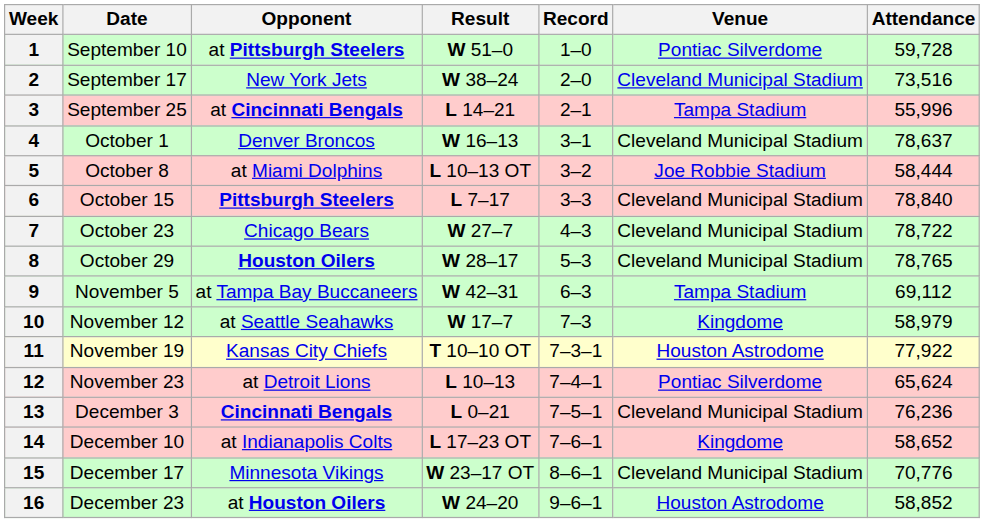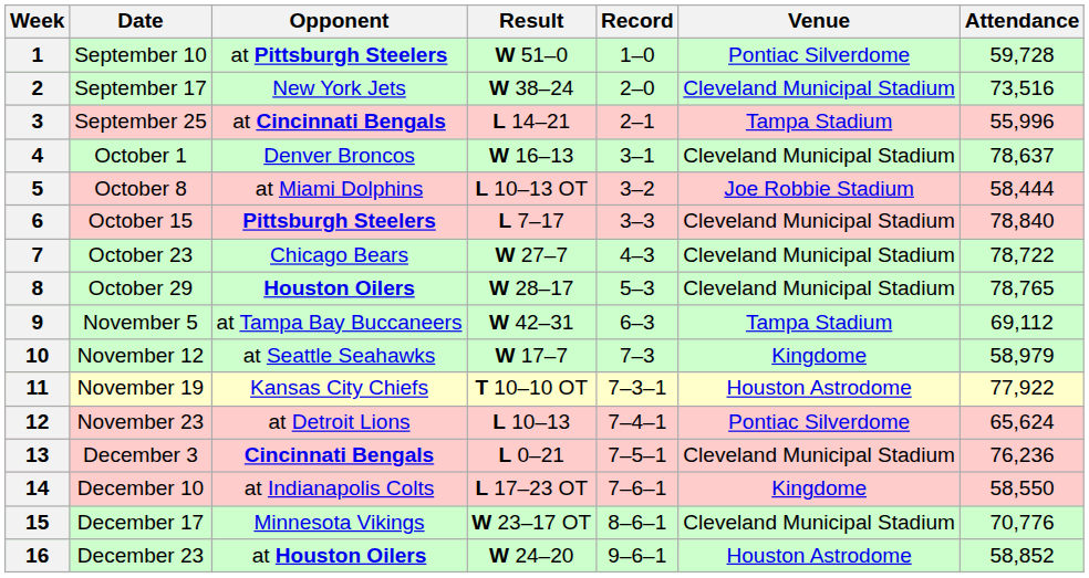 <table class="wikitable" style="text-align:center">
 <tr>
 <th>Week</th>
 <th>Date</th>
 <th>Opponent</th>
 <th>Result</th>
 <th>Record</th>
 <th>Venue</th>
 <th>Attendance</th>
 </tr>
 <tr style="background:#cfc">
 <th>1</th>
 <td>September 10</td>
 <td>at <strong><a href='#'>Pittsburgh Steelers</a></strong></td>
 <td><strong>W</strong> 51–0</td>
 <td>1–0</td>
 <td><a href='#'>Pontiac Silverdome</a></td>
 <td>59,728</td>
 </tr>
 <tr style="background:#cfc">
 <th>2</th>
 <td>September 17</td>
 <td><a href='#'>New York Jets</a></td>
 <td><strong>W</strong> 38–24</td>
 <td>2–0</td>
 <td><a href='#'>Cleveland Municipal Stadium</a></td>
 <td>73,516</td>
 </tr>
 <tr style="background:#fcc">
 <th>3</th>
 <td>September 25</td>
 <td>at <strong><a href='#'>Cincinnati Bengals</a></strong></td>
 <td><strong>L</strong> 14–21</td>
 <td>2–1</td>
 <td><a href='#'>Tampa Stadium</a></td>
 <td>55,996</td>
 </tr>
 <tr style="background:#cfc">
 <th>4</th>
 <td>October 1</td>
 <td><a href='#'>Denver Broncos</a></td>
 <td><strong>W</strong> 16–13</td>
 <td>3–1</td>
 <td>Cleveland Municipal Stadium</td>
 <td>78,637</td>
 </tr>
 <tr style="background:#fcc">
 <th>5</th>
 <td>October 8</td>
 <td>at <a href='#'>Miami Dolphins</a></td>
 <td><strong>L</strong> 10–13 OT</td>
 <td>3–2</td>
 <td><a href='#'>Joe Robbie Stadium</a></td>
 <td>58,444</td>
 </tr>
 <tr style="background:#fcc">
 <th>6</th>
 <td>October 15</td>
 <td><strong><a href='#'>Pittsburgh Steelers</a></strong></td>
 <td><strong>L</strong> 7–17</td>
 <td>3–3</td>
 <td>Cleveland Municipal Stadium</td>
 <td>78,840</td>
 </tr>
 <tr style="background:#cfc">
 <th>7</th>
 <td>October 23</td>
 <td><a href='#'>Chicago Bears</a></td>
 <td><strong>W</strong> 27–7</td>
 <td>4–3</td>
 <td>Cleveland Municipal Stadium</td>
 <td>78,722</td>
 </tr>
 <tr style="background:#cfc">
 <th>8</th>
 <td>October 29</td>
 <td><strong><a href='#'>Houston Oilers</a></strong></td>
 <td><strong>W</strong> 28–17</td>
 <td>5–3</td>
 <td>Cleveland Municipal Stadium</td>
 <td>78,765</td>
 </tr>
 <tr style="background:#cfc">
 <th>9</th>
 <td>November 5</td>
 <td>at <a href='#'>Tampa Bay Buccaneers</a></td>
 <td><strong>W</strong> 42–31</td>
 <td>6–3</td>
 <td><a href='#'>Tampa Stadium</a></td>
 <td>69,112</td>
 </tr>
 <tr style="background:#cfc">
 <th>10</th>
 <td>November 12</td>
 <td>at <a href='#'>Seattle Seahawks</a></td>
 <td><strong>W</strong> 17–7</td>
 <td>7–3</td>
 <td><a href='#'>Kingdome</a></td>
 <td>58,979</td>
 </tr>
 <tr style="background:#ffc">
 <th>11</th>
 <td>November 19</td>
 <td><a href='#'>Kansas City Chiefs</a></td>
 <td><strong>T</strong> 10–10 OT</td>
 <td>7–3–1</td>
 <td><a href='#'>Houston Astrodome</a></td>
 <td>77,922</td>
 </tr>
 <tr style="background:#fcc">
 <th>12</th>
 <td>November 23</td>
 <td>at <a href='#'>Detroit Lions</a></td>
 <td><strong>L</strong> 10–13</td>
 <td>7–4–1</td>
 <td><a href='#'>Pontiac Silverdome</a></td>
 <td>65,624</td>
 </tr>
 <tr style="background:#fcc">
 <th>13</th>
 <td>December 3</td>
 <td><strong><a href='#'>Cincinnati Bengals</a></strong></td>
 <td><strong>L</strong> 0–21</td>
 <td>7–5–1</td>
 <td>Cleveland Municipal Stadium</td>
 <td>76,236</td>
 </tr>
 <tr style="background:#fcc">
 <th>14</th>
 <td>December 10</td>
 <td>at <a href='#'>Indianapolis Colts</a></td>
 <td><strong>L</strong> 17–23 OT</td>
 <td>7–6–1</td>
 <td><a href='#'>Kingdome</a></td>
-<td>58,652</td>
+<td>58,550</td>
 </tr>
 <tr style="background:#cfc">
 <th>15</th>
 <td>December 17</td>
 <td><a href='#'>Minnesota Vikings</a></td>
 <td><strong>W</strong> 23–17 OT</td>
 <td>8–6–1</td>
 <td>Cleveland Municipal Stadium</td>
 <td>70,776</td>
 </tr>
 <tr style="background:#cfc">
 <th>16</th>
 <td>December 23</td>
 <td>at <strong><a href='#'>Houston Oilers</a></strong></td>
 <td><strong>W</strong> 24–20</td>
 <td>9–6–1</td>
 <td><a href='#'>Houston Astrodome</a></td>
 <td>58,852</td>
 </tr>
 </table>
